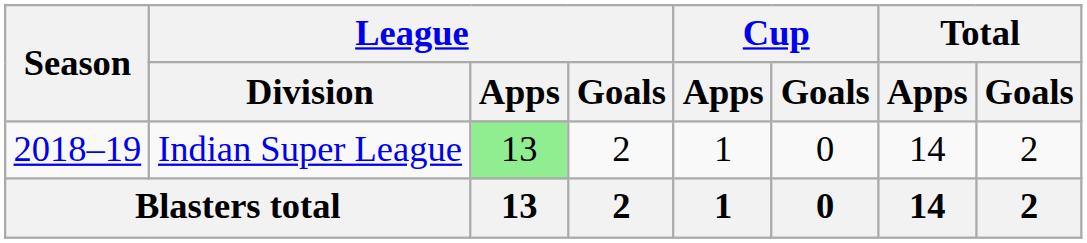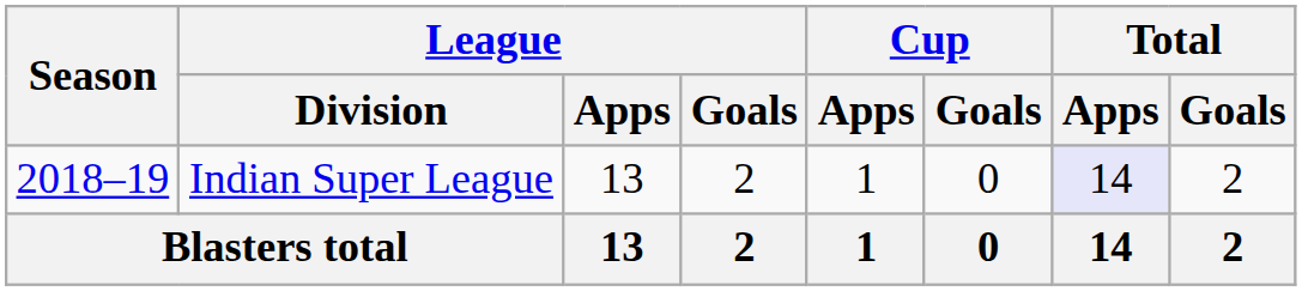 <table class="wikitable" style="text-align:center">
 <tr>
 <th rowspan="2">Season</th>
 <th colspan="3"><a href='#'>League</a></th>
 <th colspan="2"><a href='#'>Cup</a></th>
 <th colspan="2">Total</th>
 </tr>
 <tr>
 <th>Division</th>
 <th>Apps</th>
 <th>Goals</th>
 <th>Apps</th>
 <th>Goals</th>
 <th>Apps</th>
 <th>Goals</th>
 </tr>
 <tr>
 <td><a href='#'>2018–19</a></td>
 <td><a href='#'>Indian Super League</a></td>
-<td style="background: lightgreen;">13</td>
+<td>13</td>
 <td>2</td>
 <td>1</td>
 <td>0</td>
-<td>14</td>
+<td style="background: lavender;">14</td>
 <td>2</td>
 </tr>
 <tr>
 <th colspan="2">Blasters total</th>
 <th>13</th>
 <th>2</th>
 <th>1</th>
 <th>0</th>
 <th>14</th>
 <th>2</th>
 </tr>
 </table>
